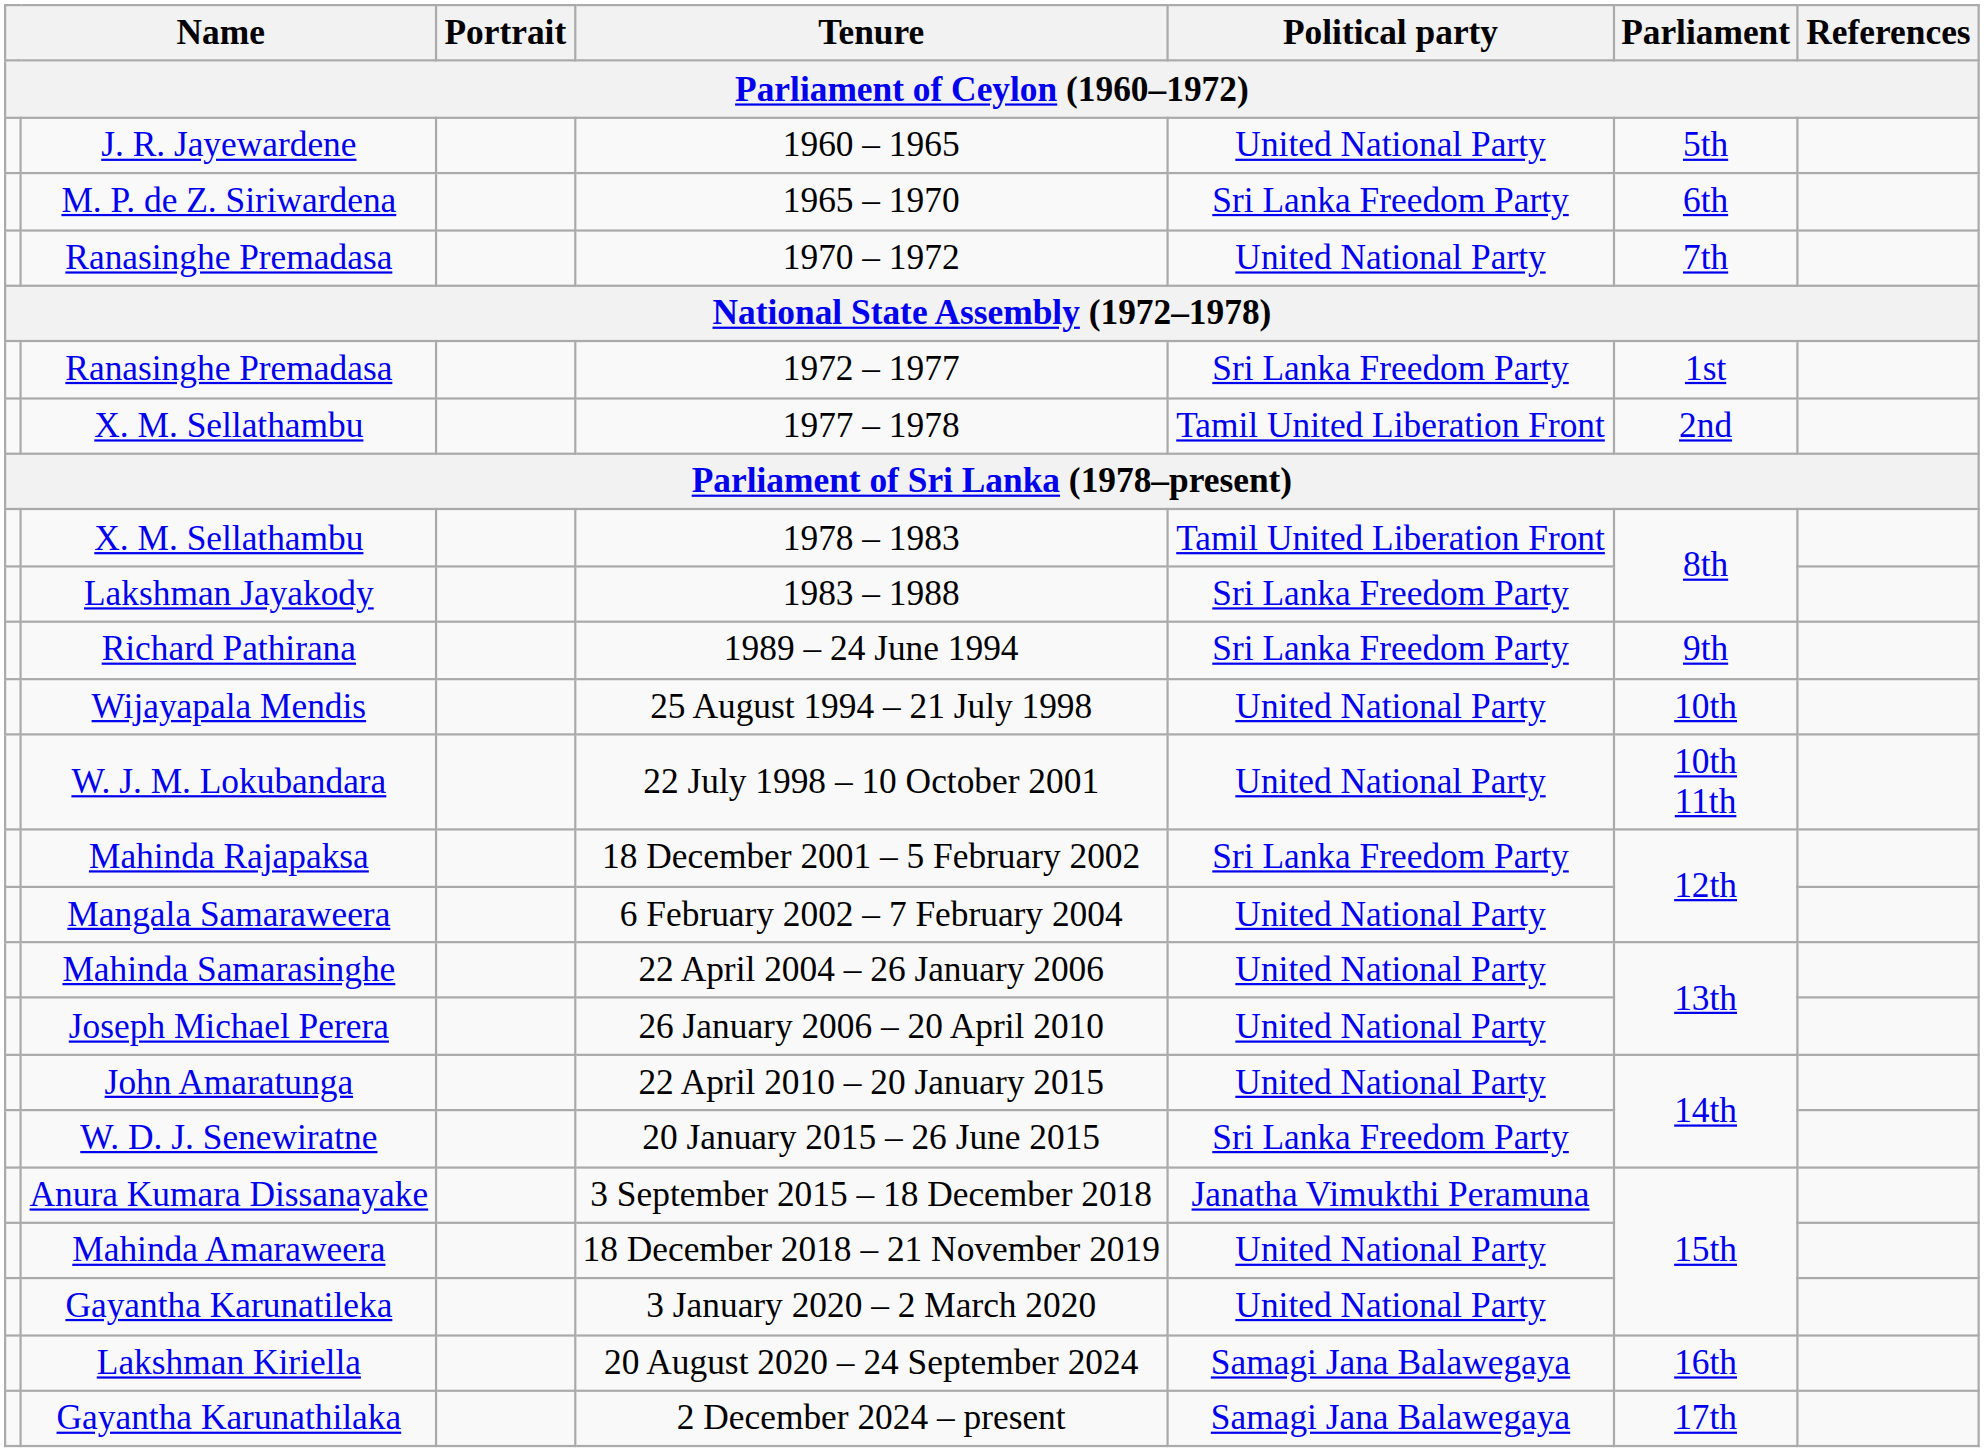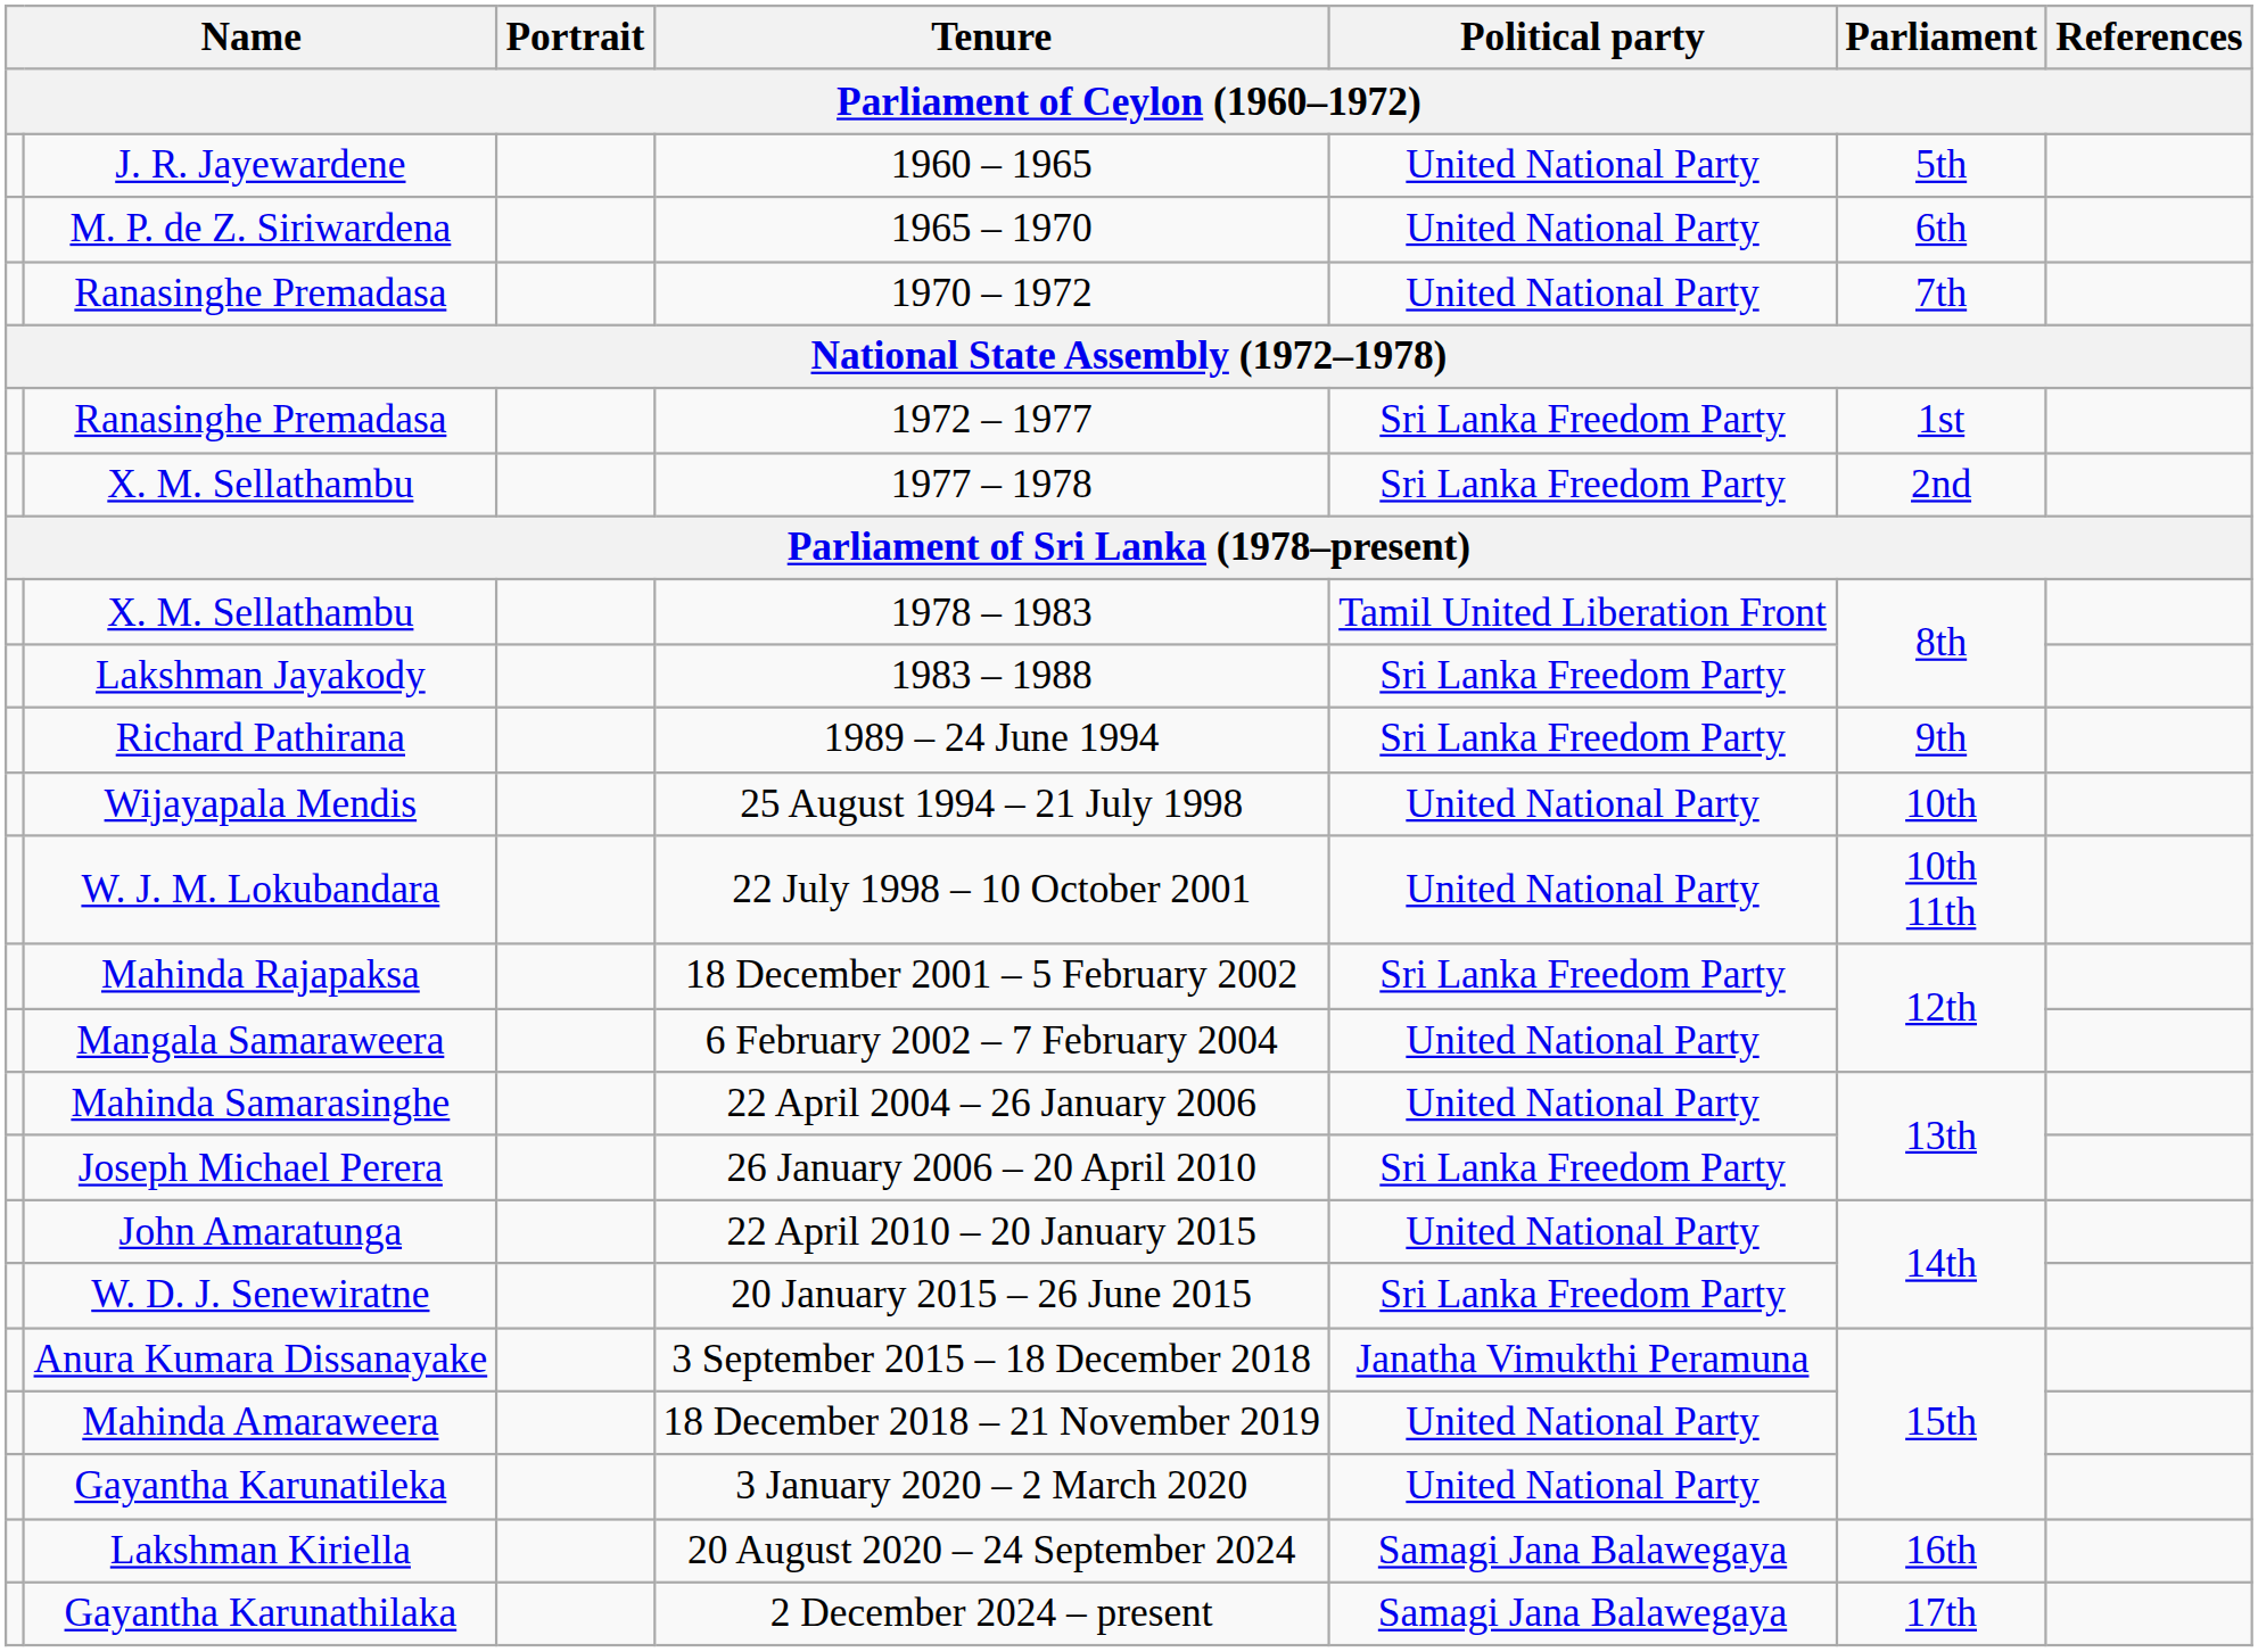 <table class="wikitable" style="font-size:100%; text-align:center;">
 <tr>
 <th colspan=2>Name</th>
 <th>Portrait</th>
 <th>Tenure</th>
 <th>Political party</th>
 <th>Parliament</th>
 <th>References</th>
 </tr>
 <tr>
 <th colspan=7><a href='#'>Parliament of Ceylon</a> (1960–1972)</th>
 </tr>
 <tr>
 <td !align="centre" style="background:"></td>
 <td><a href='#'>J. R. Jayewardene</a></td>
 <td></td>
 <td>1960 – 1965</td>
 <td><a href='#'>United National Party</a></td>
 <td><a href='#'>5th</a></td>
 <td></td>
 </tr>
 <tr>
 <td !align="center" style="background:"></td>
 <td><a href='#'>M. P. de Z. Siriwardena</a></td>
 <td></td>
 <td>1965 – 1970</td>
-<td><a href='#'>Sri Lanka Freedom Party</a></td>
+<td><a href='#'>United National Party</a></td>
 <td><a href='#'>6th</a></td>
 <td></td>
 </tr>
 <tr>
 <td !align="centre" style="background:"></td>
 <td><a href='#'>Ranasinghe Premadasa</a></td>
 <td></td>
 <td>1970 – 1972</td>
 <td><a href='#'>United National Party</a></td>
 <td><a href='#'>7th</a></td>
 <td></td>
 </tr>
 <tr>
 <th colspan=7><a href='#'>National State Assembly</a> (1972–1978)</th>
 </tr>
 <tr>
 <td !align="centre" style="background:"></td>
 <td><a href='#'>Ranasinghe Premadasa</a></td>
 <td></td>
 <td>1972 – 1977</td>
 <td><a href='#'>Sri Lanka Freedom Party</a></td>
 <td><a href='#'>1st</a></td>
 <td></td>
 </tr>
 <tr>
 <td !align="center" style="background:"></td>
 <td><a href='#'>X. M. Sellathambu</a></td>
 <td></td>
 <td>1977 – 1978</td>
-<td><a href='#'>Tamil United Liberation Front</a></td>
+<td><a href='#'>Sri Lanka Freedom Party</a></td>
 <td><a href='#'>2nd</a></td>
 <td></td>
 </tr>
 <tr>
 <th colspan=7><a href='#'>Parliament of Sri Lanka</a> (1978–present)</th>
 </tr>
 <tr>
 <td !align="center" style="background:"></td>
 <td><a href='#'>X. M. Sellathambu</a></td>
 <td></td>
 <td>1978 – 1983</td>
 <td><a href='#'>Tamil United Liberation Front</a></td>
 <td rowspan="2"><a href='#'>8th</a></td>
 <td></td>
 </tr>
 <tr>
 <td !align="center" style="background:"></td>
 <td><a href='#'>Lakshman Jayakody</a></td>
 <td></td>
 <td>1983 – 1988</td>
 <td><a href='#'>Sri Lanka Freedom Party</a></td>
 <td></td>
 </tr>
 <tr>
 <td !align="center" style="background:"></td>
 <td><a href='#'>Richard Pathirana</a></td>
 <td></td>
 <td>1989 – 24 June 1994</td>
 <td><a href='#'>Sri Lanka Freedom Party</a></td>
 <td><a href='#'>9th</a></td>
 <td></td>
 </tr>
 <tr>
 <td !align="center" style="background:"></td>
 <td><a href='#'>Wijayapala Mendis</a></td>
 <td></td>
 <td>25 August 1994 – 21 July 1998</td>
 <td><a href='#'>United National Party</a></td>
 <td><a href='#'>10th</a></td>
 <td></td>
 </tr>
 <tr>
 <td !align="center" style="background:"></td>
 <td><a href='#'>W. J. M. Lokubandara</a></td>
 <td></td>
 <td>22 July 1998 – 10 October 2001</td>
 <td><a href='#'>United National Party</a></td>
 <td><a href='#'>10th</a><br><a href='#'>11th</a></td>
 <td></td>
 </tr>
 <tr>
 <td style="background:"></td>
 <td><a href='#'>Mahinda Rajapaksa</a></td>
 <td></td>
 <td>18 December 2001 – 5 February 2002</td>
 <td><a href='#'>Sri Lanka Freedom Party</a></td>
 <td rowspan="2"><a href='#'>12th</a></td>
 <td></td>
 </tr>
 <tr>
 <td style="background:"></td>
 <td><a href='#'>Mangala Samaraweera</a></td>
 <td></td>
 <td>6 February 2002 – 7 February 2004</td>
 <td><a href='#'>United National Party</a></td>
 <td></td>
 </tr>
 <tr>
 <td style="background:"></td>
 <td><a href='#'>Mahinda Samarasinghe</a></td>
 <td></td>
 <td>22 April 2004 – 26 January 2006</td>
 <td><a href='#'>United National Party</a></td>
 <td rowspan="2"><a href='#'>13th</a></td>
 <td></td>
 </tr>
 <tr>
 <td style="background:"></td>
 <td><a href='#'>Joseph Michael Perera</a></td>
 <td></td>
 <td>26 January 2006 – 20 April 2010</td>
-<td><a href='#'>United National Party</a></td>
+<td><a href='#'>Sri Lanka Freedom Party</a></td>
 <td></td>
 </tr>
 <tr>
 <td style="background:"></td>
 <td><a href='#'>John Amaratunga</a></td>
 <td></td>
 <td>22 April 2010 – 20 January 2015</td>
 <td><a href='#'>United National Party</a></td>
 <td rowspan="2"><a href='#'>14th</a></td>
 <td></td>
 </tr>
 <tr>
 <td style="background:"></td>
 <td><a href='#'>W. D. J. Senewiratne</a></td>
 <td></td>
 <td>20 January 2015 – 26 June 2015</td>
 <td><a href='#'>Sri Lanka Freedom Party</a></td>
 <td></td>
 </tr>
 <tr>
 <td style="background:"></td>
 <td><a href='#'>Anura Kumara Dissanayake</a></td>
 <td></td>
 <td>3 September 2015 – 18 December 2018</td>
 <td><a href='#'>Janatha Vimukthi Peramuna</a></td>
 <td rowspan="3"><a href='#'>15th</a></td>
 <td></td>
 </tr>
 <tr>
 <td style="background:"></td>
 <td><a href='#'>Mahinda Amaraweera</a></td>
 <td></td>
 <td>18 December 2018 – 21 November 2019</td>
 <td><a href='#'>United National Party</a></td>
 <td></td>
 </tr>
 <tr>
 <td style="background:"></td>
 <td><a href='#'>Gayantha Karunatileka</a></td>
 <td></td>
 <td>3 January 2020 – 2 March 2020</td>
 <td><a href='#'>United National Party</a></td>
 <td></td>
 </tr>
 <tr>
 <td !align="center" style="background:"></td>
 <td><a href='#'>Lakshman Kiriella</a></td>
 <td></td>
 <td>20 August 2020 – 24 September 2024</td>
 <td><a href='#'>Samagi Jana Balawegaya</a></td>
 <td><a href='#'>16th</a></td>
 <td></td>
 </tr>
 <tr>
 <td !align="center" style="background:"></td>
 <td><a href='#'>Gayantha Karunathilaka</a></td>
 <td></td>
 <td>2 December 2024 – present</td>
 <td><a href='#'>Samagi Jana Balawegaya</a></td>
 <td><a href='#'>17th</a></td>
 <td></td>
 </tr>
 </table>
